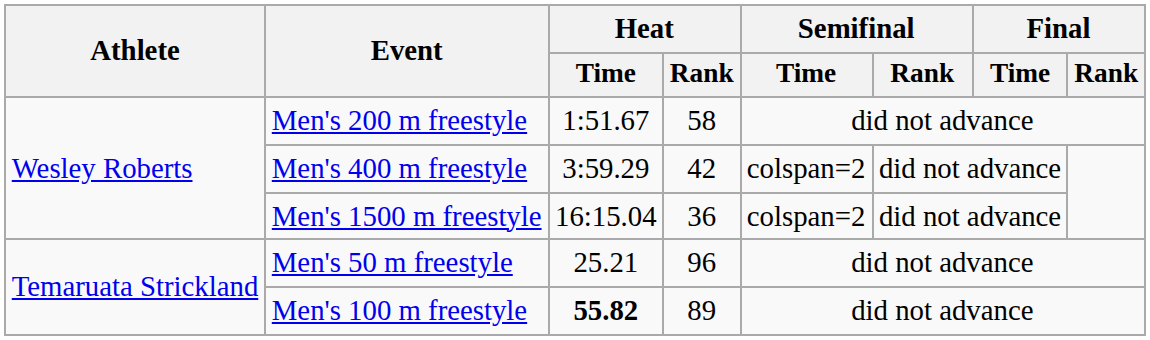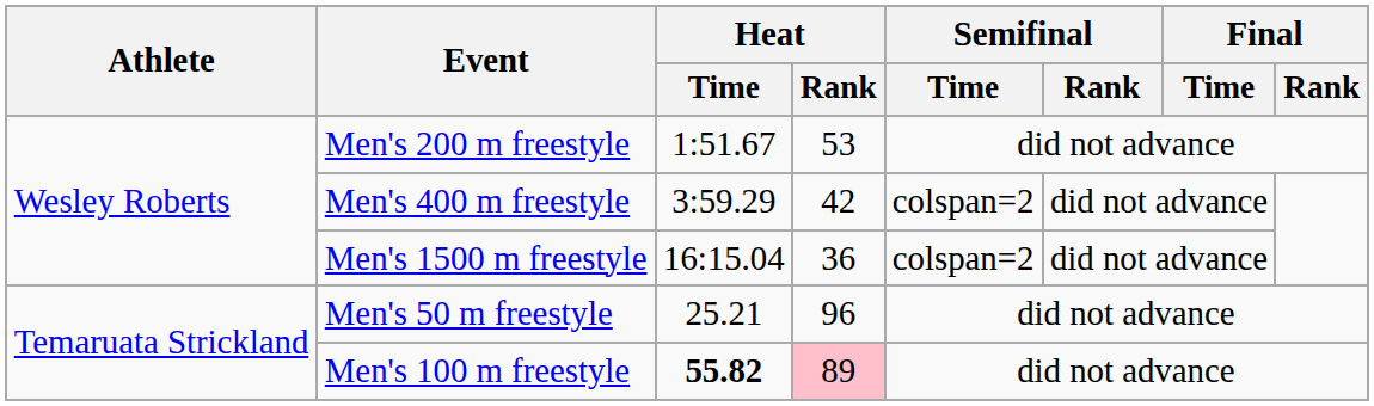 <table class=wikitable style="font-size:90%">
 <tr>
 <th rowspan="2">Athlete</th>
 <th rowspan="2">Event</th>
 <th colspan="2">Heat</th>
 <th colspan="2">Semifinal</th>
 <th colspan="2">Final</th>
 </tr>
 <tr style="font-size:95%">
 <th>Time</th>
 <th>Rank</th>
 <th>Time</th>
 <th>Rank</th>
 <th>Time</th>
 <th>Rank</th>
 </tr>
 <tr align=center>
 <td align=left rowspan=3><a href='#'>Wesley Roberts</a></td>
 <td align=left><a href='#'>Men's 200 m freestyle</a></td>
 <td>1:51.67</td>
-<td>58</td>
+<td>53</td>
 <td colspan=4>did not advance</td>
 </tr>
 <tr align=center>
 <td align=left><a href='#'>Men's 400 m freestyle</a></td>
 <td>3:59.29</td>
 <td>42</td>
 <td>colspan=2 </td>
 <td colspan=2>did not advance</td>
 </tr>
 <tr align=center>
 <td align=left><a href='#'>Men's 1500 m freestyle</a></td>
 <td>16:15.04</td>
 <td>36</td>
 <td>colspan=2 </td>
 <td colspan=2>did not advance</td>
 </tr>
 <tr align=center>
 <td align=left rowspan=2><a href='#'>Temaruata Strickland</a></td>
 <td align=left><a href='#'>Men's 50 m freestyle</a></td>
 <td>25.21</td>
 <td>96</td>
 <td colspan=4>did not advance</td>
 </tr>
 <tr align=center>
 <td align=left><a href='#'>Men's 100 m freestyle</a></td>
 <td><strong>55.82</strong></td>
-<td>89</td>
+<td style="background: pink;">89</td>
 <td colspan=4>did not advance</td>
 </tr>
 </table>
